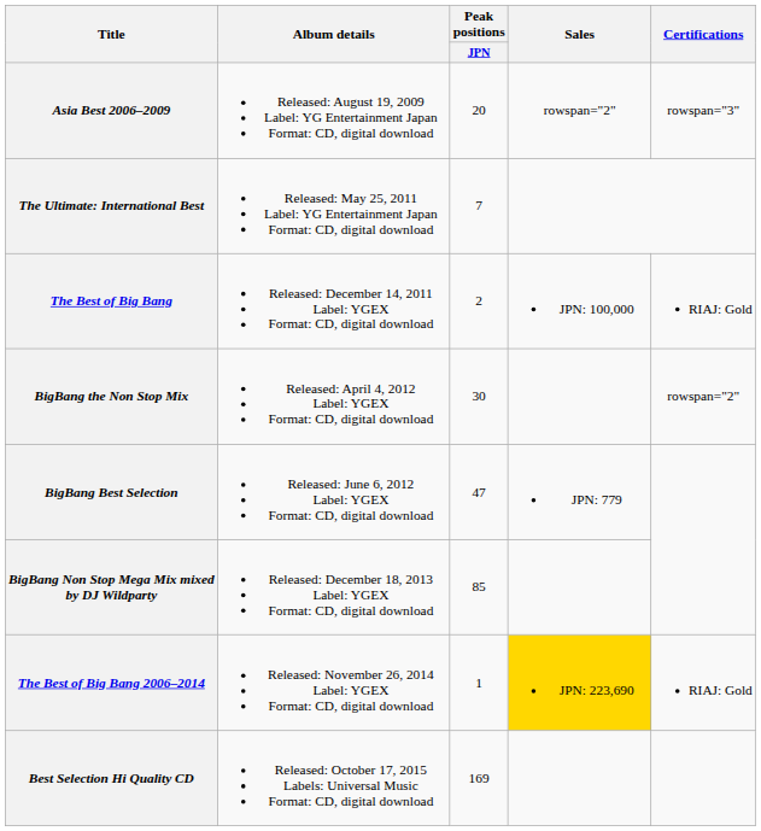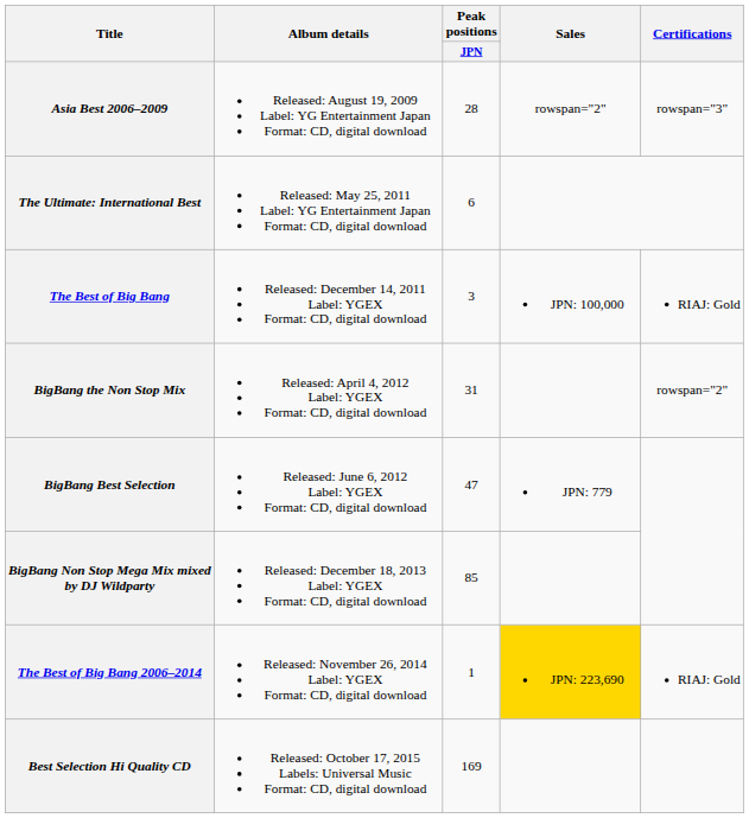 <table class="wikitable plainrowheaders" style="text-align:center;">
 <tr>
 <th rowspan="2">Title</th>
 <th rowspan="2" style="width:16.5em;">Album details</th>
 <th>Peak<br>positions</th>
 <th rowspan="2" style="width:10em;">Sales</th>
 <th rowspan="2"><a href='#'>Certifications</a></th>
 </tr>
 <tr>
 <th scope="col" style="width:3em;font-size:90%;"><a href='#'>JPN</a><br></th>
 </tr>
 <tr>
 <th scope="row"><em>Asia Best 2006–2009</em></th>
 <td><br><ul><li>Released: August 19, 2009</li><li>Label: YG Entertainment Japan</li><li>Format: CD, digital download</li></ul></td>
-<td>20</td>
+<td>28</td>
 <td>rowspan="2" </td>
 <td>rowspan="3" </td>
 </tr>
 <tr>
 <th scope="row"><em>The Ultimate: International Best</em></th>
 <td><br><ul><li>Released: May 25, 2011</li><li>Label: YG Entertainment Japan</li><li>Format: CD, digital download</li></ul></td>
-<td>7</td>
+<td>6</td>
 </tr>
 <tr>
 <th scope="row"><em><a href='#'>The Best of Big Bang</a></em></th>
 <td><br><ul><li>Released: December 14, 2011</li><li>Label: YGEX</li><li>Format: CD, digital download</li></ul></td>
-<td>2</td>
+<td>3</td>
 <td><br><ul><li>JPN: 100,000</li></ul></td>
 <td><br><ul><li>RIAJ: Gold</li></ul></td>
 </tr>
 <tr>
 <th scope="row"><em>BigBang the Non Stop Mix</em></th>
 <td><br><ul><li>Released: April 4, 2012</li><li>Label: YGEX</li><li>Format: CD, digital download</li></ul></td>
-<td>30</td>
+<td>31</td>
 <td></td>
 <td>rowspan="2" </td>
 </tr>
 <tr>
 <th scope="row"><em>BigBang Best Selection</em></th>
 <td><br><ul><li>Released: June 6, 2012</li><li>Label: YGEX</li><li>Format: CD, digital download</li></ul></td>
 <td>47</td>
 <td><br><ul><li>JPN: 779</li></ul></td>
 </tr>
 <tr>
 <th scope="row"><em>BigBang Non Stop Mega Mix mixed <br>by DJ Wildparty</em></th>
 <td><br><ul><li>Released: December 18, 2013</li><li>Label: YGEX</li><li>Format: CD, digital download</li></ul></td>
 <td>85</td>
 <td></td>
 </tr>
 <tr>
 <th scope="row"><em><a href='#'>The Best of Big Bang 2006–2014</a></em></th>
 <td><br><ul><li>Released: November 26, 2014</li><li>Label: YGEX</li><li>Format: CD, digital download</li></ul></td>
 <td>1</td>
 <td style="background: gold;"><br><ul><li>JPN: 223,690</li></ul></td>
 <td><br><ul><li>RIAJ: Gold</li></ul></td>
 </tr>
 <tr>
 <th scope="row"><em>Best Selection Hi Quality CD</em></th>
 <td><br><ul><li>Released: October 17, 2015</li><li>Labels: Universal Music</li><li>Format: CD, digital download</li></ul></td>
 <td>169</td>
 <td></td>
 <td></td>
 </tr>
 </table>
